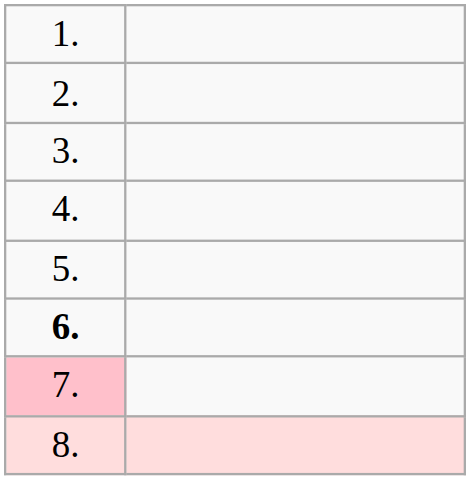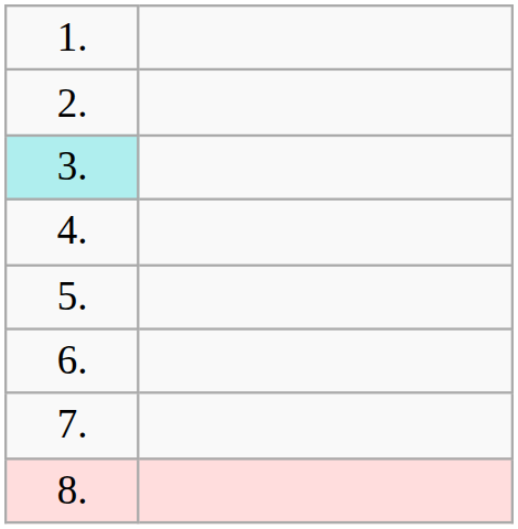 <table class="wikitable" style="text-align:center; width:200px;">
 <tr>
 <td style="width:45px;">1.</td>
 <td style="padding-left:4px; text-align:left;"></td>
 </tr>
 <tr>
 <td>2.</td>
 <td style="padding-left:4px; text-align:left;"></td>
 </tr>
 <tr>
-<td>3.</td>
+<td style="background: paleturquoise;">3.</td>
 <td style="padding-left:4px; text-align:left;"></td>
 </tr>
 <tr>
 <td>4.</td>
 <td style="padding-left:4px; text-align:left;"></td>
 </tr>
 <tr>
 <td>5.</td>
 <td style="padding-left:4px; text-align:left;"></td>
 </tr>
 <tr>
-<td><strong>6.</strong></td>
+<td>6.</td>
 <td style="padding-left:4px; text-align:left;"></td>
 </tr>
 <tr>
-<td style="background: pink;">7.</td>
+<td>7.</td>
 <td style="padding-left:4px; text-align:left;"></td>
 </tr>
 <tr style="background:#ffdddd;">
 <td>8.</td>
 <td style="padding-left:4px; text-align:left;"></td>
 </tr>
 </table>
